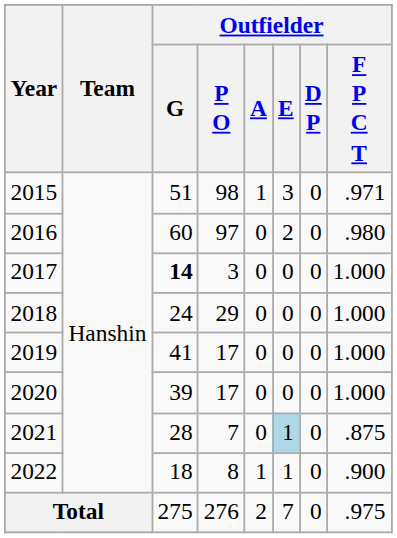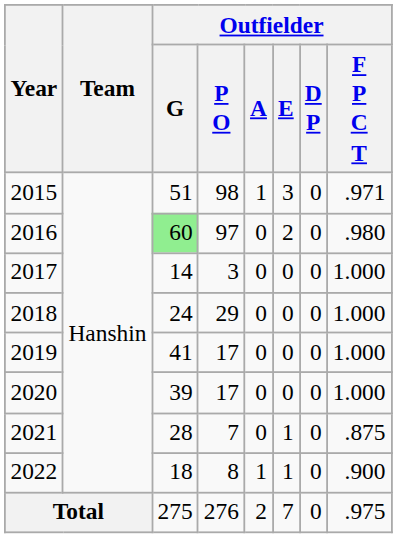 <table class="wikitable" style="text-align: right; font-size: small; border-collapse:collapse; padding: 1px;">
 <tr>
 <th rowspan="2">Year<br></th>
 <th rowspan="2">Team<br></th>
 <th colspan="6"><a href='#'>Outfielder</a></th>
 </tr>
 <tr style="line-height:1.25em; text-align:center;">
 <th>G</th>
 <th><a href='#'>P<br>O</a></th>
 <th><a href='#'>A</a></th>
 <th><a href='#'>E</a></th>
 <th><a href='#'>D<br>P</a></th>
 <th><a href='#'>F<br>P<br>C<br>T</a></th>
 </tr>
 <tr>
 <td style="text-align:center;">2015</td>
 <td rowspan="8" style="text-align: center; white-space:nowrap;">Hanshin</td>
 <td>51</td>
 <td>98</td>
 <td>1</td>
 <td>3</td>
 <td>0</td>
 <td>.971</td>
 </tr>
 <tr>
 <td style="text-align:center;">2016</td>
-<td>60</td>
+<td style="background: lightgreen;">60</td>
 <td>97</td>
 <td>0</td>
 <td>2</td>
 <td>0</td>
 <td>.980</td>
 </tr>
 <tr>
 <td style="text-align:center;">2017</td>
-<td><strong>14</strong></td>
+<td>14</td>
 <td>3</td>
 <td>0</td>
 <td>0</td>
 <td>0</td>
 <td>1.000</td>
 </tr>
 <tr>
 <td style="text-align:center;">2018</td>
 <td>24</td>
 <td>29</td>
 <td>0</td>
 <td>0</td>
 <td>0</td>
 <td>1.000</td>
 </tr>
 <tr>
 <td style="text-align:center;">2019</td>
 <td>41</td>
 <td>17</td>
 <td>0</td>
 <td>0</td>
 <td>0</td>
 <td>1.000</td>
 </tr>
 <tr>
 <td style="text-align:center;">2020</td>
 <td>39</td>
 <td>17</td>
 <td>0</td>
 <td>0</td>
 <td>0</td>
 <td>1.000</td>
 </tr>
 <tr>
 <td style="text-align:center;">2021</td>
 <td>28</td>
 <td>7</td>
 <td>0</td>
-<td style="background: lightblue;">1</td>
+<td>1</td>
 <td>0</td>
 <td>.875</td>
 </tr>
 <tr>
 <td style="text-align:center;">2022</td>
 <td>18</td>
 <td>8</td>
 <td>1</td>
 <td>1</td>
 <td>0</td>
 <td>.900</td>
 </tr>
 <tr>
 <th colspan="2">Total</th>
 <td>275</td>
 <td>276</td>
 <td>2</td>
 <td>7</td>
 <td>0</td>
 <td>.975</td>
 </tr>
 </table>
